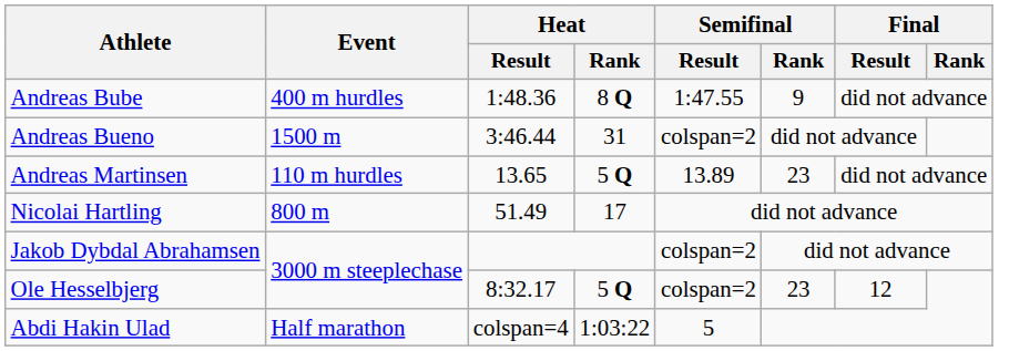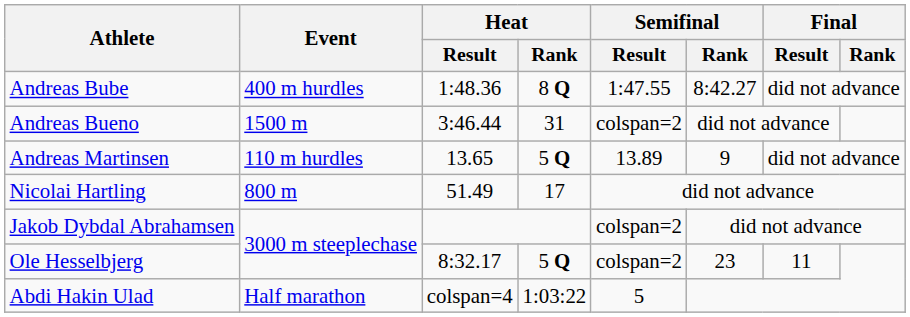 <table class="wikitable" style="font-size:90%">
 <tr>
 <th rowspan=2>Athlete</th>
 <th rowspan=2>Event</th>
 <th colspan=2>Heat</th>
 <th colspan=2>Semifinal</th>
 <th colspan=2>Final</th>
 </tr>
 <tr style="font-size:95%">
 <th>Result</th>
 <th>Rank</th>
 <th>Result</th>
 <th>Rank</th>
 <th>Result</th>
 <th>Rank</th>
 </tr>
 <tr align=center>
 <td align=left><a href='#'>Andreas Bube</a></td>
 <td style="text-align:left;"><a href='#'>400 m hurdles</a></td>
 <td>1:48.36</td>
 <td>8 <strong>Q</strong></td>
 <td>1:47.55</td>
-<td>9</td>
+<td>8:42.27</td>
 <td colspan=2>did not advance</td>
 </tr>
 <tr align=center>
 <td align=left><a href='#'>Andreas Bueno</a></td>
 <td style="text-align:left;"><a href='#'>1500 m</a></td>
 <td>3:46.44</td>
 <td>31</td>
 <td>colspan=2 </td>
 <td colspan=2>did not advance</td>
 </tr>
 <tr align=center>
 <td align=left><a href='#'>Andreas Martinsen</a></td>
 <td style="text-align:left;"><a href='#'>110 m hurdles</a></td>
 <td>13.65 <strong></strong></td>
 <td>5 <strong>Q</strong></td>
 <td>13.89</td>
-<td>23</td>
+<td>9</td>
 <td colspan=2>did not advance</td>
 </tr>
 <tr align=center>
 <td align=left><a href='#'>Nicolai Hartling</a></td>
 <td style="text-align:left;"><a href='#'>800 m</a></td>
 <td>51.49</td>
 <td>17</td>
 <td colspan=4>did not advance</td>
 </tr>
 <tr align=center>
 <td align=left><a href='#'>Jakob Dybdal Abrahamsen</a></td>
 <td style="text-align:left;" rowspan=2><a href='#'>3000 m steeplechase</a></td>
 <td colspan=2></td>
 <td>colspan=2 </td>
 <td colspan=4>did not advance</td>
 </tr>
 <tr align=center>
 <td align=left><a href='#'>Ole Hesselbjerg</a></td>
 <td>8:32.17</td>
 <td>5 <strong>Q</strong></td>
 <td>colspan=2 </td>
 <td>23</td>
-<td>12</td>
+<td>11</td>
 </tr>
 <tr align=center>
 <td align=left><a href='#'>Abdi Hakin Ulad</a></td>
 <td style="text-align:left;"><a href='#'>Half marathon</a></td>
 <td>colspan=4 </td>
 <td>1:03:22</td>
 <td>5</td>
 </tr>
 </table>
